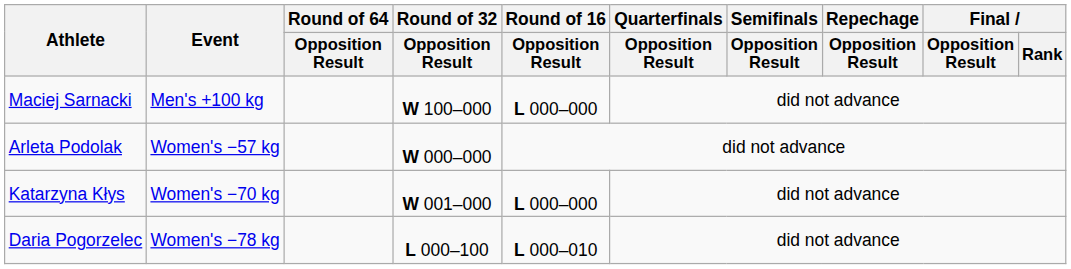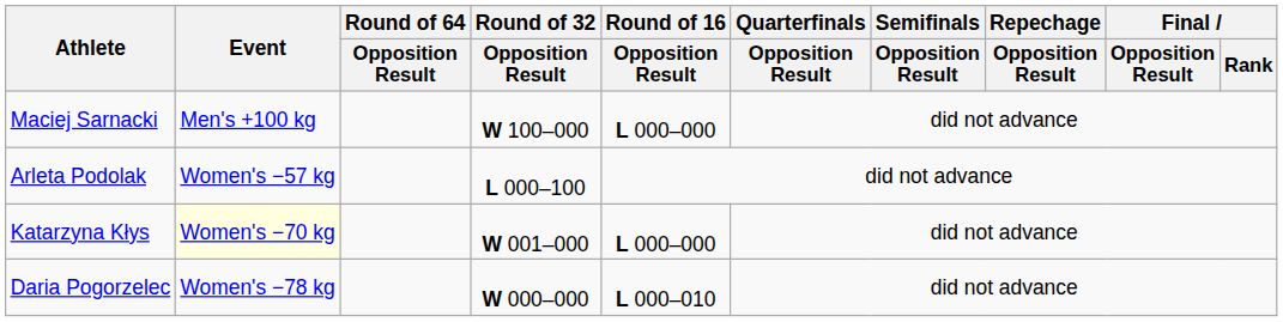 <table class="wikitable" style="font-size:90%">
 <tr>
 <th rowspan="2">Athlete</th>
 <th rowspan="2">Event</th>
 <th>Round of 64</th>
 <th>Round of 32</th>
 <th>Round of 16</th>
 <th>Quarterfinals</th>
 <th>Semifinals</th>
 <th>Repechage</th>
 <th colspan=2>Final / </th>
 </tr>
 <tr style="font-size:95%">
 <th>Opposition<br>Result</th>
 <th>Opposition<br>Result</th>
 <th>Opposition<br>Result</th>
 <th>Opposition<br>Result</th>
 <th>Opposition<br>Result</th>
 <th>Opposition<br>Result</th>
 <th>Opposition<br>Result</th>
 <th>Rank</th>
 </tr>
 <tr align=center>
 <td align=left><a href='#'>Maciej Sarnacki</a></td>
 <td align=left><a href='#'>Men's +100 kg</a></td>
 <td></td>
 <td><br><strong>W</strong> 100–000</td>
 <td><br><strong>L</strong> 000–000 </td>
 <td colspan=5>did not advance</td>
 </tr>
 <tr align=center>
 <td align=left><a href='#'>Arleta Podolak</a></td>
 <td align=left><a href='#'>Women's −57 kg</a></td>
 <td></td>
-<td><br><strong>W</strong> 000–000 </td>
+<td><br><strong>L</strong> 000–100</td>
 <td colspan=6>did not advance</td>
 </tr>
 <tr align=center>
 <td align=left><a href='#'>Katarzyna Kłys</a></td>
-<td align=left><a href='#'>Women's −70 kg</a></td>
+<td align=left style="background: lightyellow;"><a href='#'>Women's −70 kg</a></td>
 <td></td>
 <td><br><strong>W</strong> 001–000</td>
 <td><br><strong>L</strong> 000–000 </td>
 <td colspan=5>did not advance</td>
 </tr>
 <tr align=center>
 <td align=left><a href='#'>Daria Pogorzelec</a></td>
 <td align=left><a href='#'>Women's −78 kg</a></td>
 <td></td>
-<td><br><strong>L</strong> 000–100</td>
+<td><br><strong>W</strong> 000–000 </td>
 <td><br><strong>L</strong> 000–010</td>
 <td colspan=5>did not advance</td>
 </tr>
 </table>
